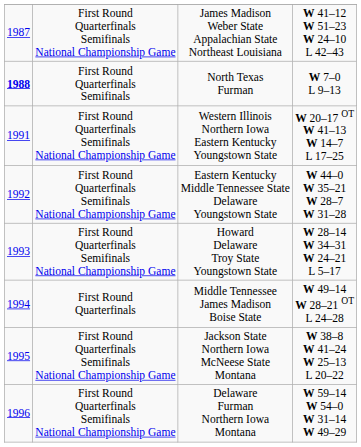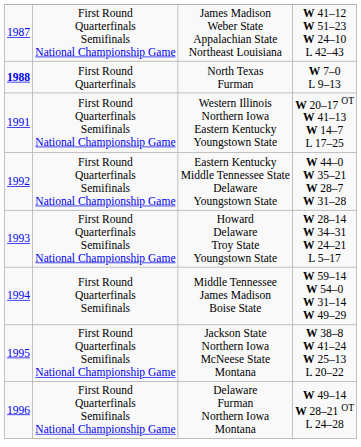 <table class="wikitable" style="text-align:center;">
 <tr>
 </tr>
 <tr>
 <td><a href='#'>1987</a></td>
 <td>First Round<br>Quarterfinals<br>Semifinals<br><a href='#'>National Championship Game</a></td>
 <td>James Madison<br>Weber State<br>Appalachian State<br>Northeast Louisiana</td>
 <td><strong>W</strong> 41–12<br><strong>W</strong> 51–23<br><strong>W</strong> 24–10<br>L 42–43</td>
 </tr>
 <tr>
 <td><strong><a href='#'>1988</a></strong></td>
-<td>First Round<br>Quarterfinals<br>Semifinals</td>
+<td>First Round<br>Quarterfinals</td>
 <td>North Texas<br>Furman</td>
 <td><strong>W</strong> 7–0<br>L 9–13</td>
 </tr>
 <tr>
 <td><a href='#'>1991</a></td>
 <td>First Round<br>Quarterfinals<br>Semifinals<br><a href='#'>National Championship Game</a></td>
 <td>Western Illinois<br>Northern Iowa<br>Eastern Kentucky<br>Youngstown State</td>
 <td><strong>W</strong> 20–17 <sup>OT</sup><br><strong>W</strong> 41–13<br><strong>W</strong> 14–7<br>L 17–25</td>
 </tr>
 <tr>
 <td><a href='#'>1992</a></td>
 <td>First Round<br>Quarterfinals<br>Semifinals<br><a href='#'>National Championship Game</a></td>
 <td>Eastern Kentucky<br>Middle Tennessee State<br>Delaware<br>Youngstown State</td>
 <td><strong>W</strong> 44–0<br><strong>W</strong> 35–21<br><strong>W</strong> 28–7<br><strong>W</strong> 31–28</td>
 </tr>
 <tr>
 <td><a href='#'>1993</a></td>
 <td>First Round<br>Quarterfinals<br>Semifinals<br><a href='#'>National Championship Game</a></td>
 <td>Howard<br>Delaware<br>Troy State<br>Youngstown State</td>
 <td><strong>W</strong> 28–14<br><strong>W</strong> 34–31<br><strong>W</strong> 24–21<br>L 5–17</td>
 </tr>
 <tr>
 <td><a href='#'>1994</a></td>
-<td>First Round<br>Quarterfinals</td>
+<td>First Round<br>Quarterfinals<br>Semifinals</td>
 <td>Middle Tennessee<br>James Madison<br>Boise State</td>
-<td><strong>W</strong> 49–14<br><strong>W</strong> 28–21 <sup>OT</sup><br>L 24–28</td>
+<td><strong>W</strong> 59–14<br><strong>W</strong> 54–0<br><strong>W</strong> 31–14<br><strong>W</strong> 49–29</td>
 </tr>
 <tr>
 <td><a href='#'>1995</a></td>
 <td>First Round<br>Quarterfinals<br>Semifinals<br><a href='#'>National Championship Game</a></td>
 <td>Jackson State<br>Northern Iowa<br>McNeese State<br>Montana</td>
 <td><strong>W</strong> 38–8<br><strong>W</strong> 41–24<br><strong>W</strong> 25–13<br>L 20–22</td>
 </tr>
 <tr>
 <td><a href='#'>1996</a></td>
 <td>First Round<br>Quarterfinals<br>Semifinals<br><a href='#'>National Championship Game</a></td>
 <td>Delaware<br>Furman<br>Northern Iowa<br>Montana</td>
-<td><strong>W</strong> 59–14<br><strong>W</strong> 54–0<br><strong>W</strong> 31–14<br><strong>W</strong> 49–29</td>
+<td><strong>W</strong> 49–14<br><strong>W</strong> 28–21 <sup>OT</sup><br>L 24–28</td>
 </tr>
 </table>
